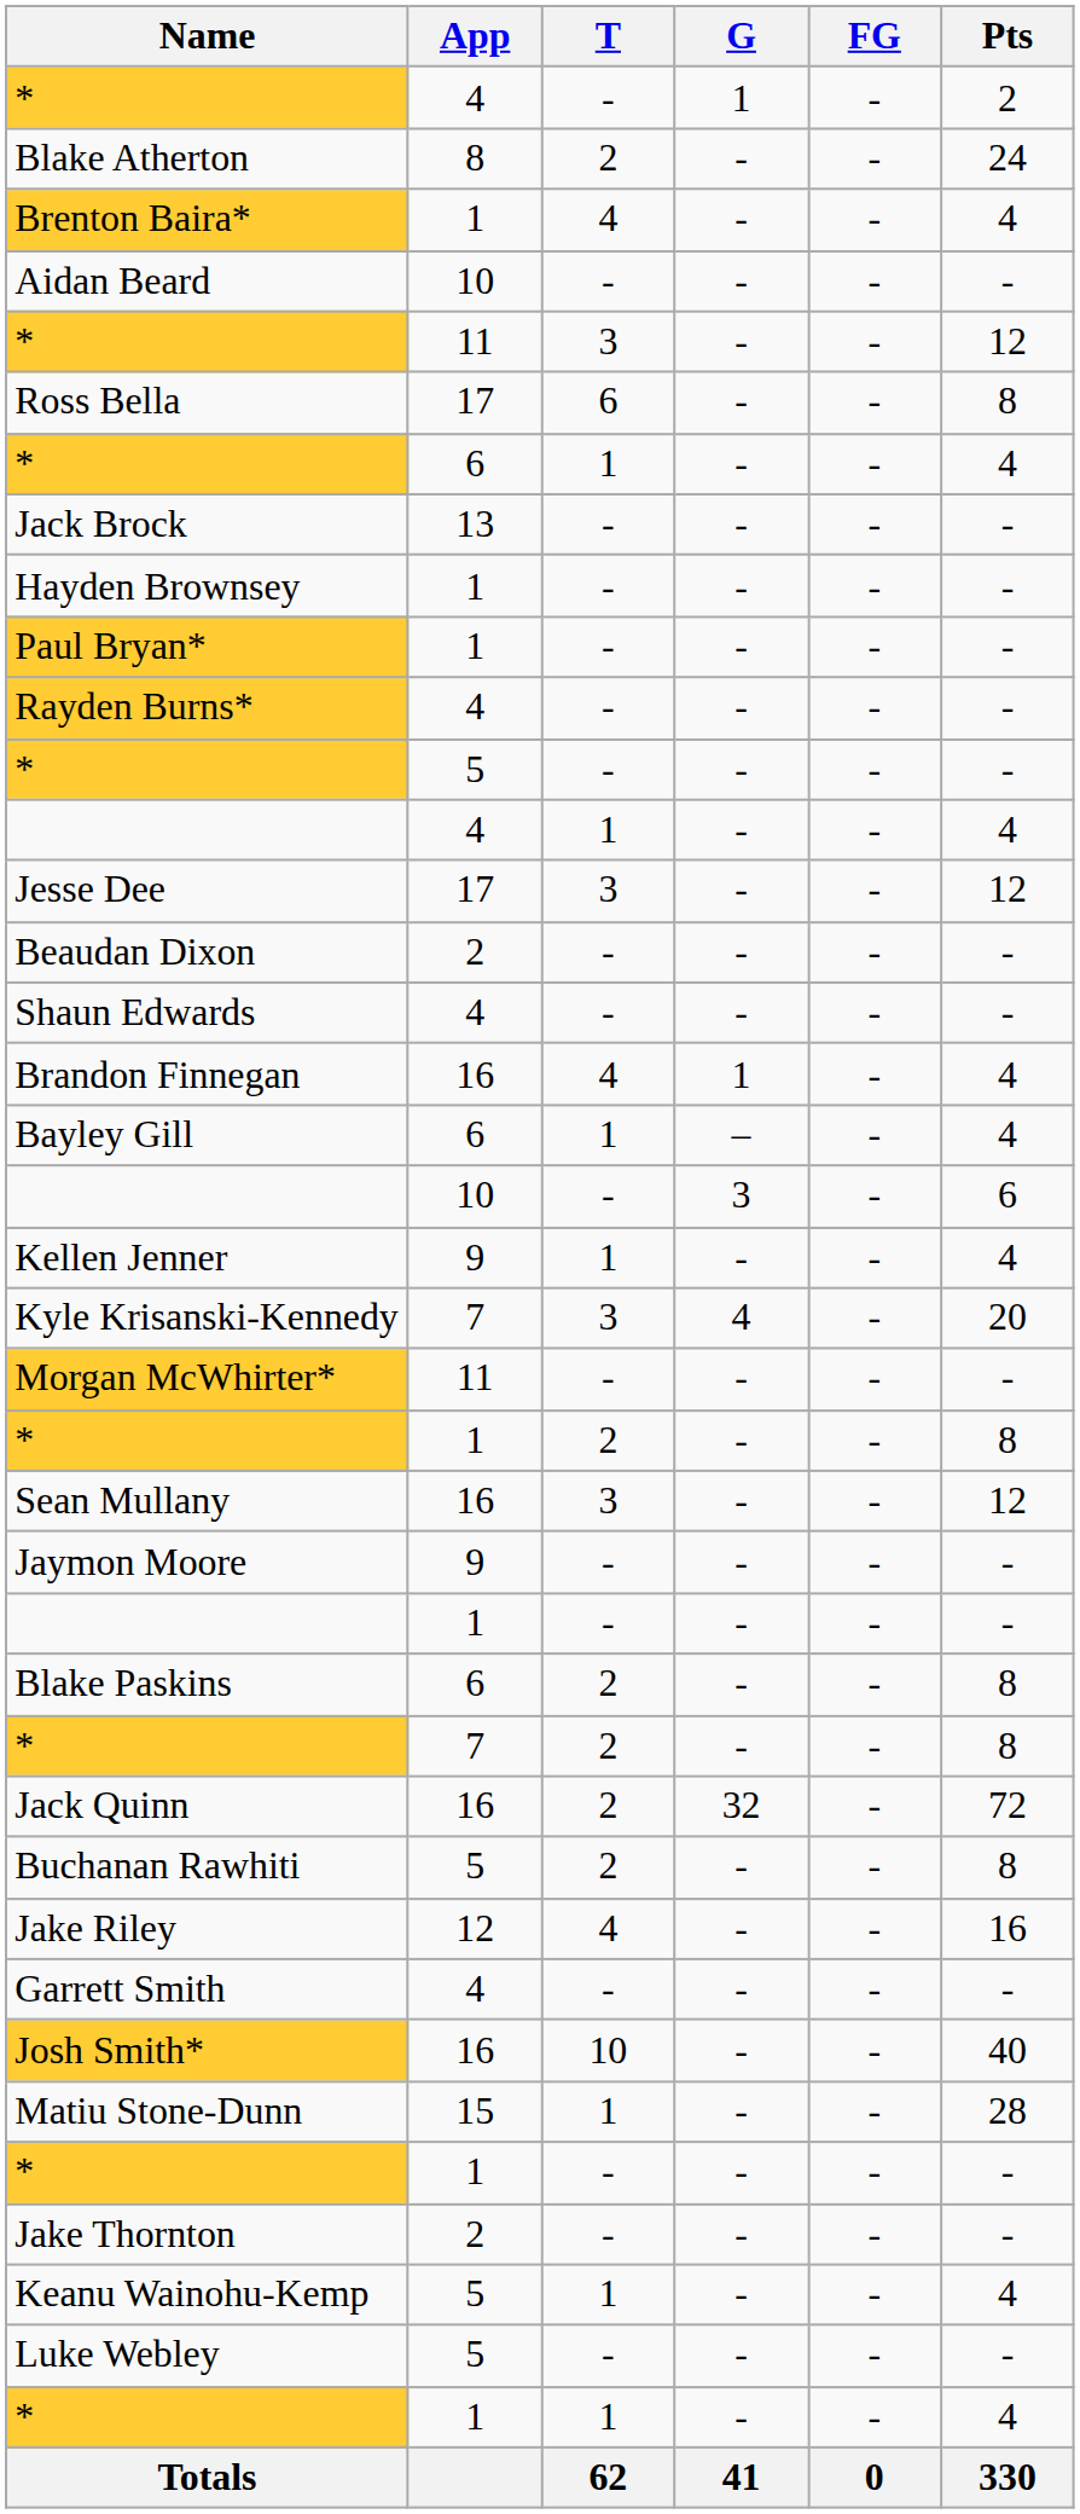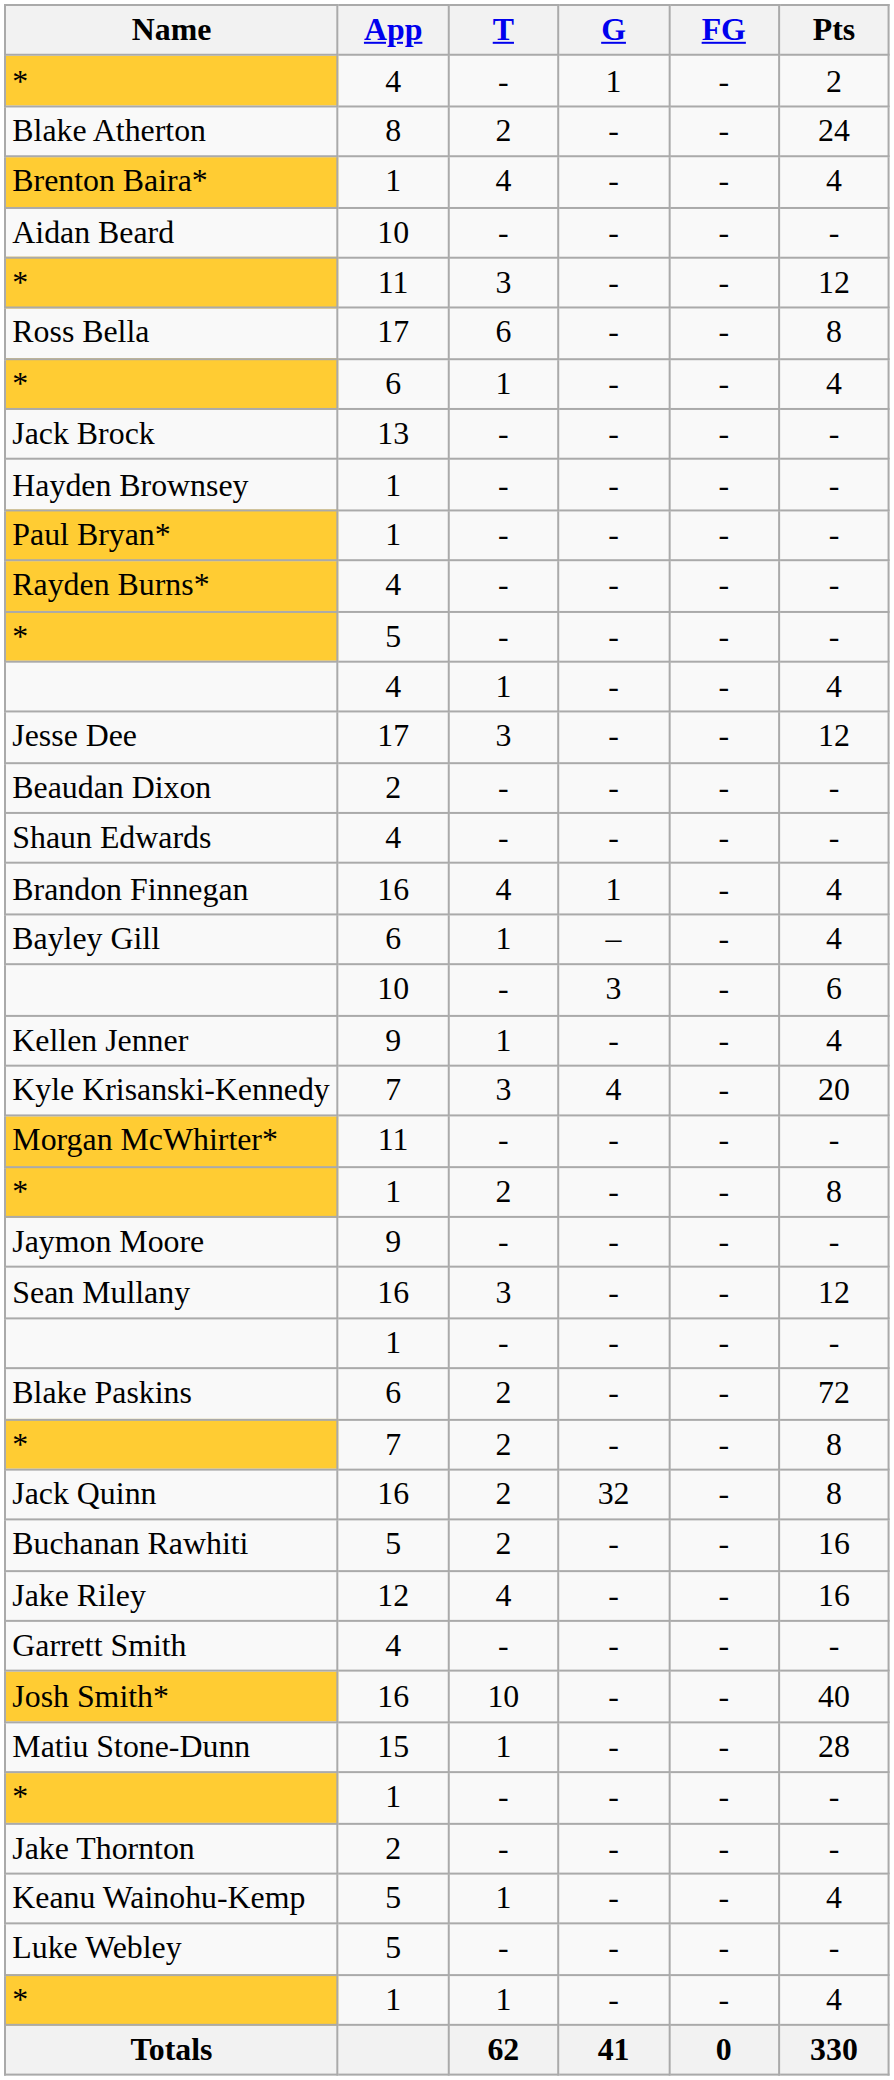 <table class="wikitable sortable" style="text-align: center;">
 <tr>
 <th style="width:10em">Name</th>
 <th style="width:3em"><a href='#'>App</a></th>
 <th style="width:3em"><a href='#'>T</a></th>
 <th style="width:3em"><a href='#'>G</a></th>
 <th style="width:3em"><a href='#'>FG</a></th>
 <th style="width:3em">Pts</th>
 </tr>
 <tr>
 <td style="text-align:left; background:#FC3;">*</td>
 <td>4</td>
 <td>-</td>
 <td>1</td>
 <td>-</td>
 <td>2</td>
 </tr>
 <tr>
 <td style="text-align:left;">Blake Atherton</td>
 <td>8</td>
 <td>2</td>
 <td>-</td>
 <td>-</td>
 <td>24</td>
 </tr>
 <tr>
 <td style="text-align:left; background:#FC3;">Brenton Baira*</td>
 <td>1</td>
 <td>4</td>
 <td>-</td>
 <td>-</td>
 <td>4</td>
 </tr>
 <tr>
 <td style="text-align:left;">Aidan Beard</td>
 <td>10</td>
 <td>-</td>
 <td>-</td>
 <td>-</td>
 <td>-</td>
 </tr>
 <tr>
 <td style="text-align:left; background:#FC3;">*</td>
 <td>11</td>
 <td>3</td>
 <td>-</td>
 <td>-</td>
 <td>12</td>
 </tr>
 <tr>
 <td style="text-align:left;">Ross Bella</td>
 <td>17</td>
 <td>6</td>
 <td>-</td>
 <td>-</td>
 <td>8</td>
 </tr>
 <tr>
 <td style="text-align:left; background:#FC3;">*</td>
 <td>6</td>
 <td>1</td>
 <td>-</td>
 <td>-</td>
 <td>4</td>
 </tr>
 <tr>
 <td style="text-align:left;">Jack Brock</td>
 <td>13</td>
 <td>-</td>
 <td>-</td>
 <td>-</td>
 <td>-</td>
 </tr>
 <tr>
 <td style="text-align:left;">Hayden Brownsey</td>
 <td>1</td>
 <td>-</td>
 <td>-</td>
 <td>-</td>
 <td>-</td>
 </tr>
 <tr>
 <td style="text-align:left; background:#FC3;">Paul Bryan*</td>
 <td>1</td>
 <td>-</td>
 <td>-</td>
 <td>-</td>
 <td>-</td>
 </tr>
 <tr>
 <td style="text-align:left; background:#FC3;">Rayden Burns*</td>
 <td>4</td>
 <td>-</td>
 <td>-</td>
 <td>-</td>
 <td>-</td>
 </tr>
 <tr>
 <td style="text-align:left; background:#FC3;">*</td>
 <td>5</td>
 <td>-</td>
 <td>-</td>
 <td>-</td>
 <td>-</td>
 </tr>
 <tr>
 <td style="text-align:left;"></td>
 <td>4</td>
 <td>1</td>
 <td>-</td>
 <td>-</td>
 <td>4</td>
 </tr>
 <tr>
 <td style="text-align:left;">Jesse Dee</td>
 <td>17</td>
 <td>3</td>
 <td>-</td>
 <td>-</td>
 <td>12</td>
 </tr>
 <tr>
 <td style="text-align:left;">Beaudan Dixon</td>
 <td>2</td>
 <td>-</td>
 <td>-</td>
 <td>-</td>
 <td>-</td>
 </tr>
 <tr>
 <td style="text-align:left;">Shaun Edwards</td>
 <td>4</td>
 <td>-</td>
 <td>-</td>
 <td>-</td>
 <td>-</td>
 </tr>
 <tr>
 <td style="text-align:left;">Brandon Finnegan</td>
 <td>16</td>
 <td>4</td>
 <td>1</td>
 <td>-</td>
 <td>4</td>
 </tr>
 <tr>
 <td style="text-align:left;">Bayley Gill</td>
 <td>6</td>
 <td>1</td>
 <td>–</td>
 <td>-</td>
 <td>4</td>
 </tr>
 <tr>
 <td style="text-align:left;"></td>
 <td>10</td>
 <td>-</td>
 <td>3</td>
 <td>-</td>
 <td>6</td>
 </tr>
 <tr>
 <td style="text-align:left;">Kellen Jenner</td>
 <td>9</td>
 <td>1</td>
 <td>-</td>
 <td>-</td>
 <td>4</td>
 </tr>
 <tr>
 <td style="text-align:left;">Kyle Krisanski-Kennedy</td>
 <td>7</td>
 <td>3</td>
 <td>4</td>
 <td>-</td>
 <td>20</td>
 </tr>
 <tr>
 <td style="text-align:left; background:#FC3;">Morgan McWhirter*</td>
 <td>11</td>
 <td>-</td>
 <td>-</td>
 <td>-</td>
 <td>-</td>
 </tr>
 <tr>
 <td style="text-align:left; background:#FC3;">*</td>
 <td>1</td>
 <td>2</td>
 <td>-</td>
 <td>-</td>
 <td>8</td>
 </tr>
 <tr>
+<td style="text-align:left;">Jaymon Moore</td>
+<td>9</td>
+<td>-</td>
+<td>-</td>
+<td>-</td>
+<td>-</td>
+</tr>
+<tr>
 <td style="text-align:left;">Sean Mullany</td>
 <td>16</td>
 <td>3</td>
 <td>-</td>
 <td>-</td>
 <td>12</td>
-</tr>
-<tr>
-<td style="text-align:left;">Jaymon Moore</td>
-<td>9</td>
-<td>-</td>
-<td>-</td>
-<td>-</td>
-<td>-</td>
 </tr>
 <tr>
 <td style="text-align:left;"></td>
 <td>1</td>
 <td>-</td>
 <td>-</td>
 <td>-</td>
 <td>-</td>
 </tr>
 <tr>
 <td style="text-align:left;">Blake Paskins</td>
 <td>6</td>
 <td>2</td>
 <td>-</td>
 <td>-</td>
-<td>8</td>
+<td>72</td>
 </tr>
 <tr>
 <td style="text-align:left; background:#FC3;">*</td>
 <td>7</td>
 <td>2</td>
 <td>-</td>
 <td>-</td>
 <td>8</td>
 </tr>
 <tr>
 <td style="text-align:left;">Jack Quinn</td>
 <td>16</td>
 <td>2</td>
 <td>32</td>
 <td>-</td>
-<td>72</td>
+<td>8</td>
 </tr>
 <tr>
 <td style="text-align:left;">Buchanan Rawhiti</td>
 <td>5</td>
 <td>2</td>
 <td>-</td>
 <td>-</td>
-<td>8</td>
+<td>16</td>
 </tr>
 <tr>
 <td style="text-align:left;">Jake Riley</td>
 <td>12</td>
 <td>4</td>
 <td>-</td>
 <td>-</td>
 <td>16</td>
 </tr>
 <tr>
 <td style="text-align:left;">Garrett Smith</td>
 <td>4</td>
 <td>-</td>
 <td>-</td>
 <td>-</td>
 <td>-</td>
 </tr>
 <tr>
 <td style="text-align:left; background:#FC3;">Josh Smith*</td>
 <td>16</td>
 <td>10</td>
 <td>-</td>
 <td>-</td>
 <td>40</td>
 </tr>
 <tr>
 <td style="text-align:left;">Matiu Stone-Dunn</td>
 <td>15</td>
 <td>1</td>
 <td>-</td>
 <td>-</td>
 <td>28</td>
 </tr>
 <tr>
 <td style="text-align:left; background:#FC3;">*</td>
 <td>1</td>
 <td>-</td>
 <td>-</td>
 <td>-</td>
 <td>-</td>
 </tr>
 <tr>
 <td style="text-align:left;">Jake Thornton</td>
 <td>2</td>
 <td>-</td>
 <td>-</td>
 <td>-</td>
 <td>-</td>
 </tr>
 <tr>
 <td style="text-align:left;">Keanu Wainohu-Kemp</td>
 <td>5</td>
 <td>1</td>
 <td>-</td>
 <td>-</td>
 <td>4</td>
 </tr>
 <tr>
 <td style="text-align:left;">Luke Webley</td>
 <td>5</td>
 <td>-</td>
 <td>-</td>
 <td>-</td>
 <td>-</td>
 </tr>
 <tr>
 <td style="text-align:left; background:#FC3;">*</td>
 <td>1</td>
 <td>1</td>
 <td>-</td>
 <td>-</td>
 <td>4</td>
 </tr>
 <tr class="sortbottom">
 <th>Totals</th>
 <th></th>
 <th>62</th>
 <th>41</th>
 <th>0</th>
 <th>330</th>
 </tr>
 </table>
